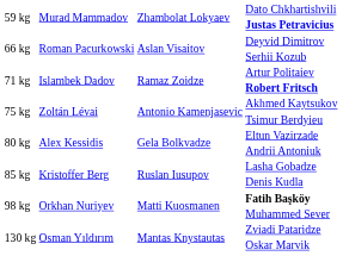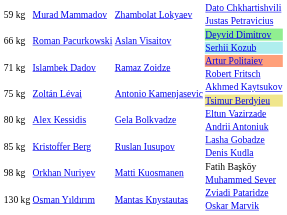 <table>
 <tr>
 <td rowspan=2>59 kg</td>
 <td rowspan=2> <a href='#'>Murad Mammadov</a></td>
 <td rowspan=2> <a href='#'>Zhambolat Lokyaev</a></td>
 <td> <a href='#'>Dato Chkhartishvili</a></td>
 </tr>
 <tr>
-<td><strong> <a href='#'>Justas Petravicius</a></strong></td>
+<td> <a href='#'>Justas Petravicius</a></td>
 </tr>
 <tr>
 <td rowspan=2>66 kg</td>
 <td rowspan=2> <a href='#'>Roman Pacurkowski</a></td>
 <td rowspan=2> <a href='#'>Aslan Visaitov</a></td>
-<td> <a href='#'>Deyvid Dimitrov</a></td>
+<td style="background: lightgreen;"> <a href='#'>Deyvid Dimitrov</a></td>
 </tr>
 <tr>
-<td> <a href='#'>Serhii Kozub</a></td>
+<td style="background: paleturquoise;"> <a href='#'>Serhii Kozub</a></td>
 </tr>
 <tr>
 <td rowspan=2>71 kg</td>
 <td rowspan=2> <a href='#'>Islambek Dadov</a></td>
 <td rowspan=2> <a href='#'>Ramaz Zoidze</a></td>
-<td> <a href='#'>Artur Politaiev</a></td>
+<td style="background: lightsalmon;"> <a href='#'>Artur Politaiev</a></td>
 </tr>
 <tr>
-<td><strong> <a href='#'>Robert Fritsch</a></strong></td>
+<td> <a href='#'>Robert Fritsch</a></td>
 </tr>
 <tr>
 <td rowspan=2>75 kg</td>
 <td rowspan=2> <a href='#'>Zoltán Lévai</a></td>
 <td rowspan=2> <a href='#'>Antonio Kamenjasevic</a></td>
 <td> <a href='#'>Akhmed Kaytsukov</a></td>
 </tr>
 <tr>
-<td> <a href='#'>Tsimur Berdyieu</a></td>
+<td style="background: khaki;"> <a href='#'>Tsimur Berdyieu</a></td>
 </tr>
 <tr>
 <td rowspan=2>80 kg</td>
 <td rowspan=2> <a href='#'>Alex Kessidis</a></td>
 <td rowspan=2> <a href='#'>Gela Bolkvadze</a></td>
 <td> <a href='#'>Eltun Vazirzade</a></td>
 </tr>
 <tr>
 <td> <a href='#'>Andrii Antoniuk</a></td>
 </tr>
 <tr>
 <td rowspan=2>85 kg</td>
 <td rowspan=2> <a href='#'>Kristoffer Berg</a></td>
 <td rowspan=2> <a href='#'>Ruslan Iusupov</a></td>
 <td> <a href='#'>Lasha Gobadze</a></td>
 </tr>
 <tr>
 <td> <a href='#'>Denis Kudla</a></td>
 </tr>
 <tr>
 <td rowspan=2>98 kg</td>
 <td rowspan=2> <a href='#'>Orkhan Nuriyev</a></td>
 <td rowspan=2> <a href='#'>Matti Kuosmanen</a></td>
-<td><strong> Fatih Başköy</strong></td>
+<td> Fatih Başköy</td>
 </tr>
 <tr>
 <td> <a href='#'>Muhammed Sever</a></td>
 </tr>
 <tr>
 <td rowspan=2>130 kg</td>
 <td rowspan=2> <a href='#'>Osman Yıldırım</a></td>
 <td rowspan=2> <a href='#'>Mantas Knystautas</a></td>
 <td> <a href='#'>Zviadi Pataridze</a></td>
 </tr>
 <tr>
 <td> <a href='#'>Oskar Marvik</a></td>
 </tr>
 </table>
